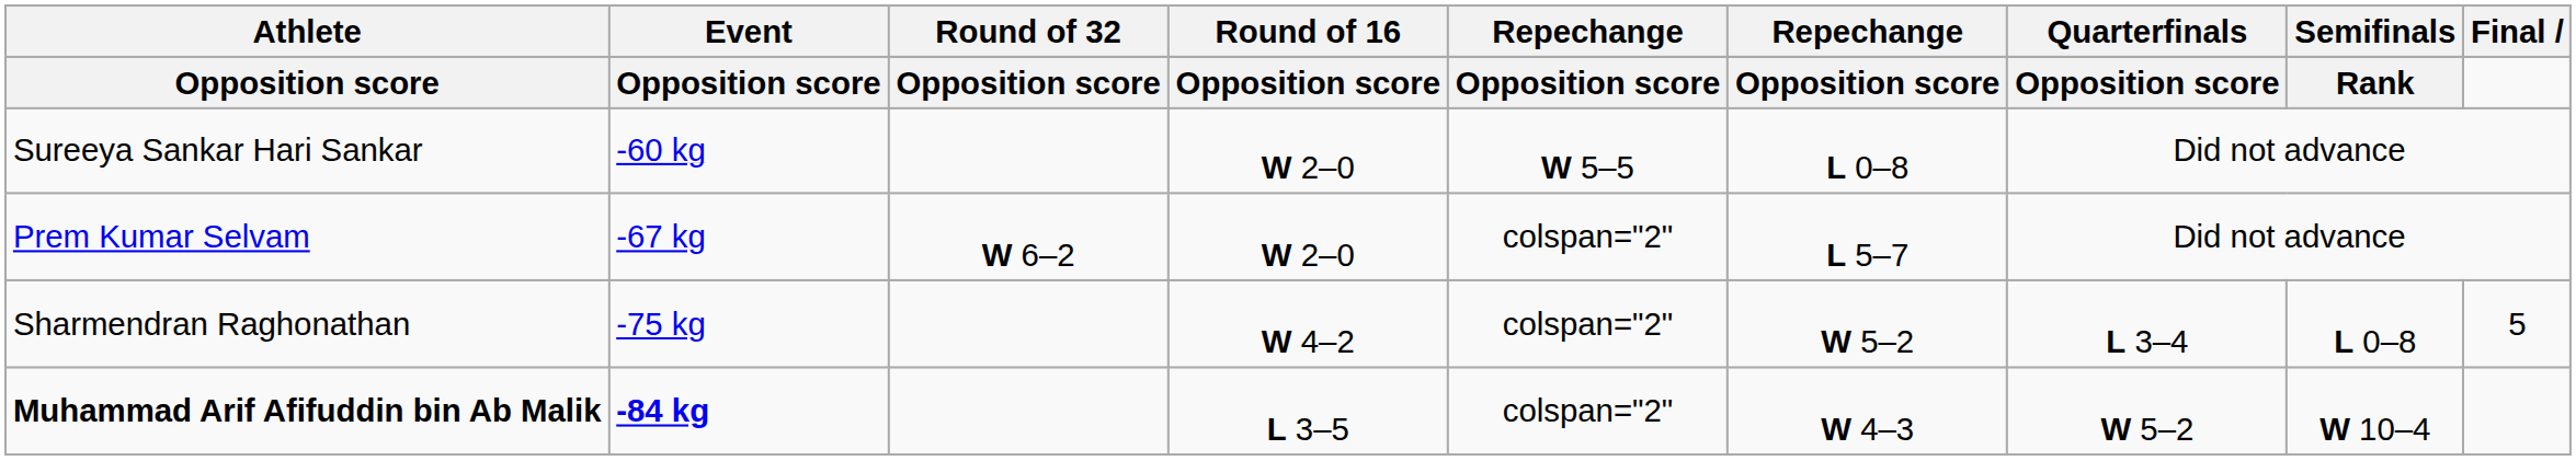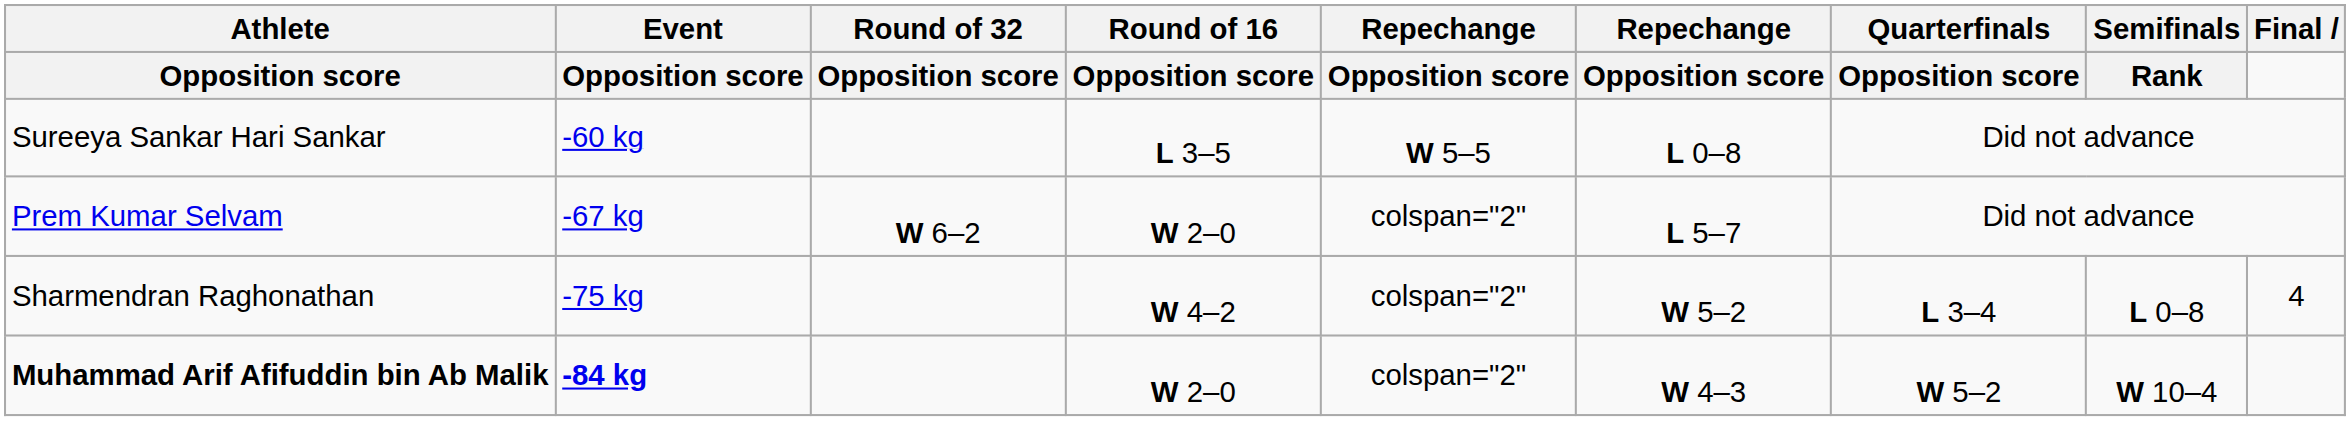 <table class="wikitable" style="font-size:90%;text-align:center">
 <tr>
 <th rowspan="2">Athlete</th>
 <th rowspan="2">Event</th>
 <th>Round of 32</th>
 <th>Round of 16</th>
 <th>Repechange </th>
 <th>Repechange </th>
 <th>Quarterfinals</th>
 <th>Semifinals</th>
 <th colspan="2">Final / </th>
 </tr>
 <tr style=font-size:95%>
 </tr>
 <tr>
 <th>Opposition score</th>
 <th>Opposition score</th>
 <th>Opposition score</th>
 <th>Opposition score</th>
 <th>Opposition score</th>
 <th>Opposition score</th>
 <th>Opposition score</th>
 <th>Rank</th>
 </tr>
 <tr>
 <td align="left">Sureeya Sankar Hari Sankar</td>
 <td align="left"><a href='#'>-60 kg</a></td>
 <td></td>
-<td><br><strong>W</strong> 2–0</td>
+<td><br><strong>L</strong> 3–5</td>
 <td><br><strong>W</strong> 5–5</td>
 <td><br><strong>L</strong> 0–8</td>
 <td colspan="4">Did not advance</td>
 </tr>
 <tr>
 <td align="left"><a href='#'>Prem Kumar Selvam</a></td>
 <td align="left"><a href='#'>-67 kg</a></td>
 <td><br> <strong>W</strong> 6–2</td>
 <td><br><strong>W</strong> 2–0</td>
 <td>colspan="2" </td>
 <td><br><strong>L</strong> 5–7</td>
 <td colspan="3">Did not advance</td>
 </tr>
 <tr>
 <td align="left">Sharmendran Raghonathan</td>
 <td align="left"><a href='#'>-75 kg</a></td>
 <td></td>
 <td><br><strong>W</strong> 4–2</td>
 <td>colspan="2" </td>
 <td><br><strong>W</strong> 5–2</td>
 <td><br><strong>L</strong> 3–4</td>
 <td><br><strong>L</strong> 0–8</td>
-<td>5</td>
+<td>4</td>
 </tr>
 <tr>
 <td align="left"><strong>Muhammad Arif Afifuddin bin Ab Malik</strong></td>
 <td align="left"><strong><a href='#'>-84 kg</a></strong></td>
 <td></td>
-<td><br><strong>L</strong> 3–5</td>
+<td><br><strong>W</strong> 2–0</td>
 <td>colspan="2" </td>
 <td><br><strong>W</strong> 4–3</td>
 <td><br><strong>W</strong> 5–2</td>
 <td><br><strong>W</strong> 10–4</td>
 <td></td>
 </tr>
 </table>
